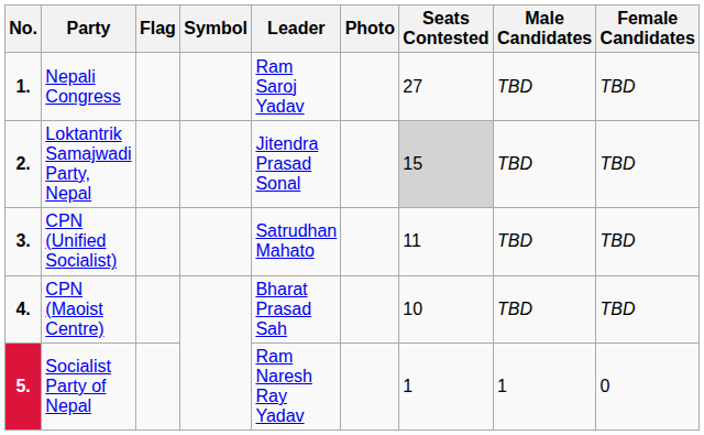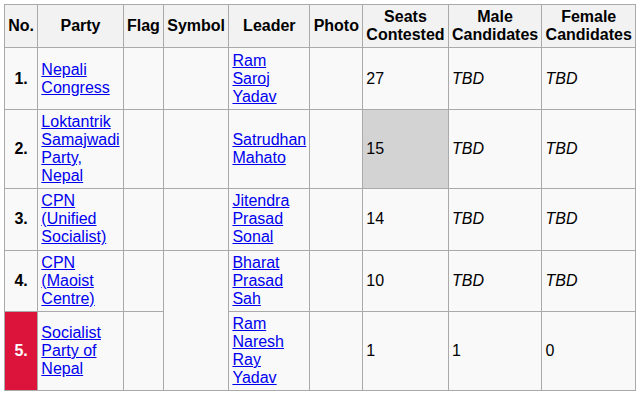 <table class="wikitable" width="50%">
 <tr>
 <th>No.</th>
 <th>Party</th>
 <th>Flag</th>
 <th>Symbol</th>
 <th>Leader</th>
 <th>Photo</th>
 <th>Seats Contested</th>
 <th>Male Candidates</th>
 <th>Female Candidates</th>
 </tr>
 <tr>
 <td style="text-align:center; background:"><strong>1.</strong></td>
 <td><a href='#'>Nepali Congress</a></td>
 <td></td>
 <td></td>
 <td><a href='#'>Ram Saroj Yadav</a></td>
 <td></td>
 <td>27</td>
 <td><em>TBD</em></td>
 <td><em>TBD</em></td>
 </tr>
 <tr>
 <td style="text-align:center; background:"><strong>2.</strong></td>
 <td><a href='#'>Loktantrik Samajwadi Party, Nepal</a></td>
 <td></td>
 <td></td>
-<td><a href='#'>Jitendra Prasad Sonal</a></td>
+<td><a href='#'>Satrudhan Mahato</a></td>
 <td></td>
 <td style="background: lightgrey;">15</td>
 <td><em>TBD</em></td>
 <td><em>TBD</em></td>
 </tr>
 <tr>
 <td style="text-align:center; background:"><strong>3.</strong></td>
 <td><a href='#'>CPN (Unified Socialist)</a></td>
 <td></td>
 <td></td>
-<td><a href='#'>Satrudhan Mahato</a></td>
+<td><a href='#'>Jitendra Prasad Sonal</a></td>
 <td></td>
-<td>11</td>
+<td>14</td>
 <td><em>TBD</em></td>
 <td><em>TBD</em></td>
 </tr>
 <tr>
 <td style="text-align:center; background:"><strong>4.</strong></td>
 <td><a href='#'>CPN (Maoist Centre)</a></td>
 <td></td>
 <td rowspan="2"></td>
 <td><a href='#'>Bharat Prasad Sah</a></td>
 <td></td>
 <td>10</td>
 <td><em>TBD</em></td>
 <td><em>TBD</em></td>
 </tr>
 <tr>
 <td style="text-align:center; background:crimson;color:white"><strong>5.</strong></td>
 <td><a href='#'>Socialist Party of Nepal</a></td>
 <td></td>
 <td><a href='#'>Ram Naresh Ray Yadav</a></td>
 <td></td>
 <td>1</td>
 <td>1</td>
 <td>0</td>
 </tr>
 <tr>
 </tr>
 </table>
